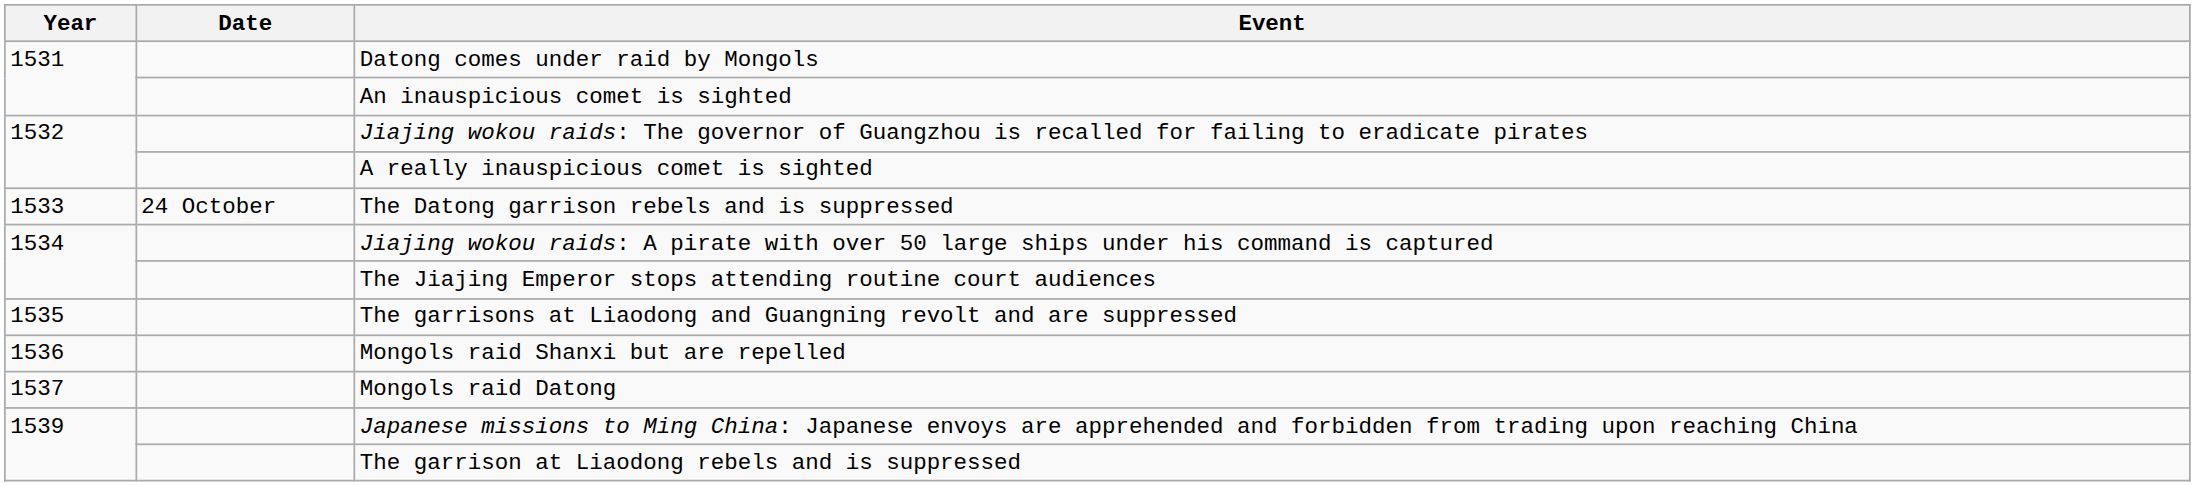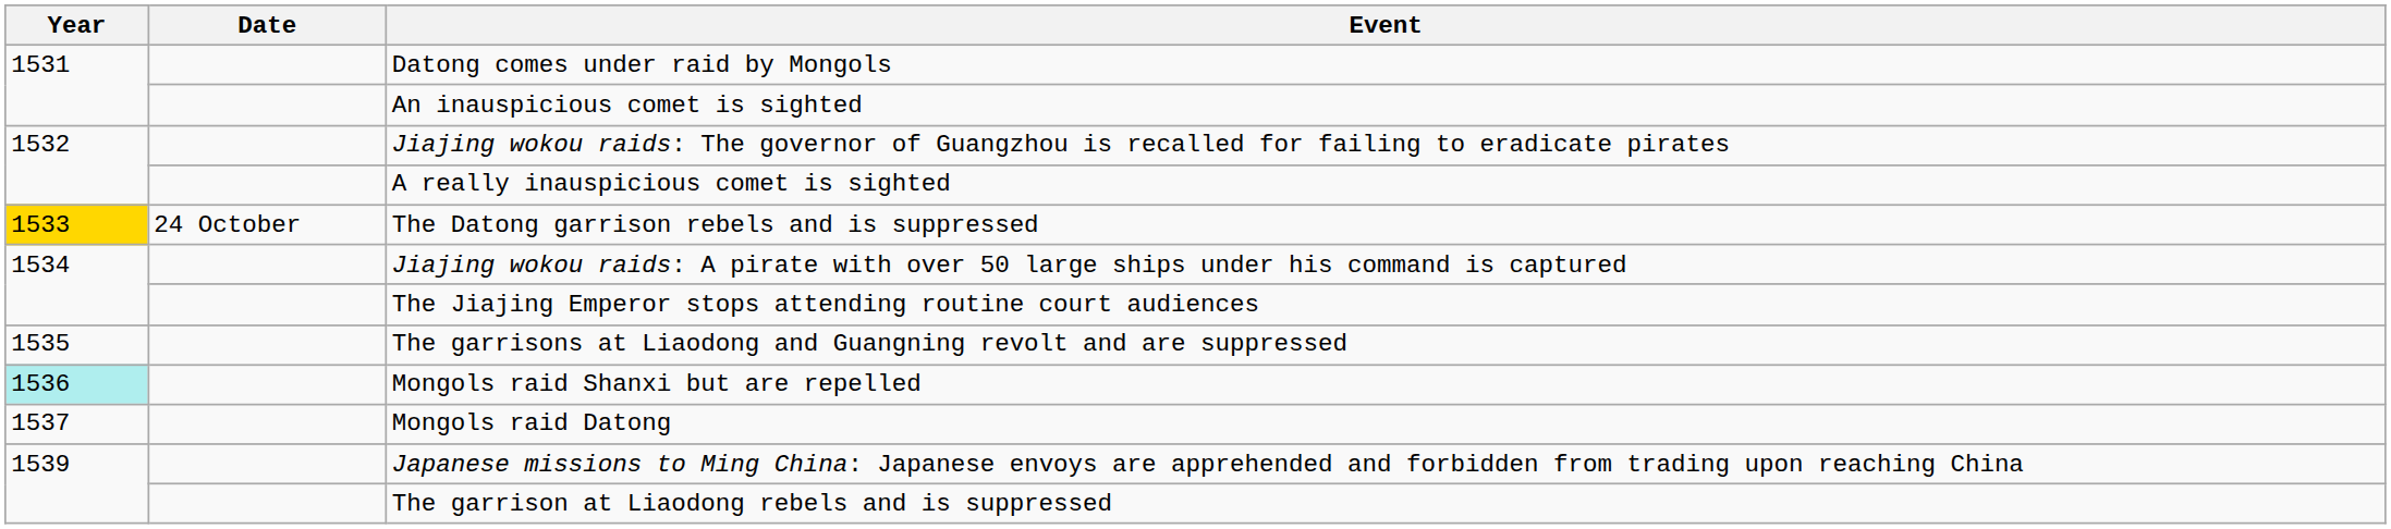 <table class="wikitable" width="100%">
 <tr>
 <th style="width:6%">Year</th>
 <th style="width:10%">Date</th>
 <th>Event</th>
 </tr>
 <tr>
 <td rowspan="2" valign="top">1531</td>
 <td></td>
 <td>Datong comes under raid by Mongols</td>
 </tr>
 <tr>
 <td></td>
 <td>An inauspicious comet is sighted</td>
 </tr>
 <tr>
 <td rowspan="2" valign="top">1532</td>
 <td></td>
 <td><em>Jiajing wokou raids</em>: The governor of Guangzhou is recalled for failing to eradicate pirates</td>
 </tr>
 <tr>
 <td></td>
 <td>A really inauspicious comet is sighted</td>
 </tr>
 <tr>
-<td>1533</td>
+<td style="background: gold;">1533</td>
 <td>24 October</td>
 <td>The Datong garrison rebels and is suppressed</td>
 </tr>
 <tr>
 <td rowspan="2" valign="top">1534</td>
 <td></td>
 <td><em>Jiajing wokou raids</em>: A pirate with over 50 large ships under his command is captured</td>
 </tr>
 <tr>
 <td></td>
 <td>The Jiajing Emperor stops attending routine court audiences</td>
 </tr>
 <tr>
 <td>1535</td>
 <td></td>
 <td>The garrisons at Liaodong and Guangning revolt and are suppressed</td>
 </tr>
 <tr>
-<td>1536</td>
+<td style="background: paleturquoise;">1536</td>
 <td></td>
 <td>Mongols raid Shanxi but are repelled</td>
 </tr>
 <tr>
 <td>1537</td>
 <td></td>
 <td>Mongols raid Datong</td>
 </tr>
 <tr>
 <td rowspan="2" valign="top">1539</td>
 <td></td>
 <td><em>Japanese missions to Ming China</em>: Japanese envoys are apprehended and forbidden from trading upon reaching China</td>
 </tr>
 <tr>
 <td></td>
 <td>The garrison at Liaodong rebels and is suppressed</td>
 </tr>
 </table>
